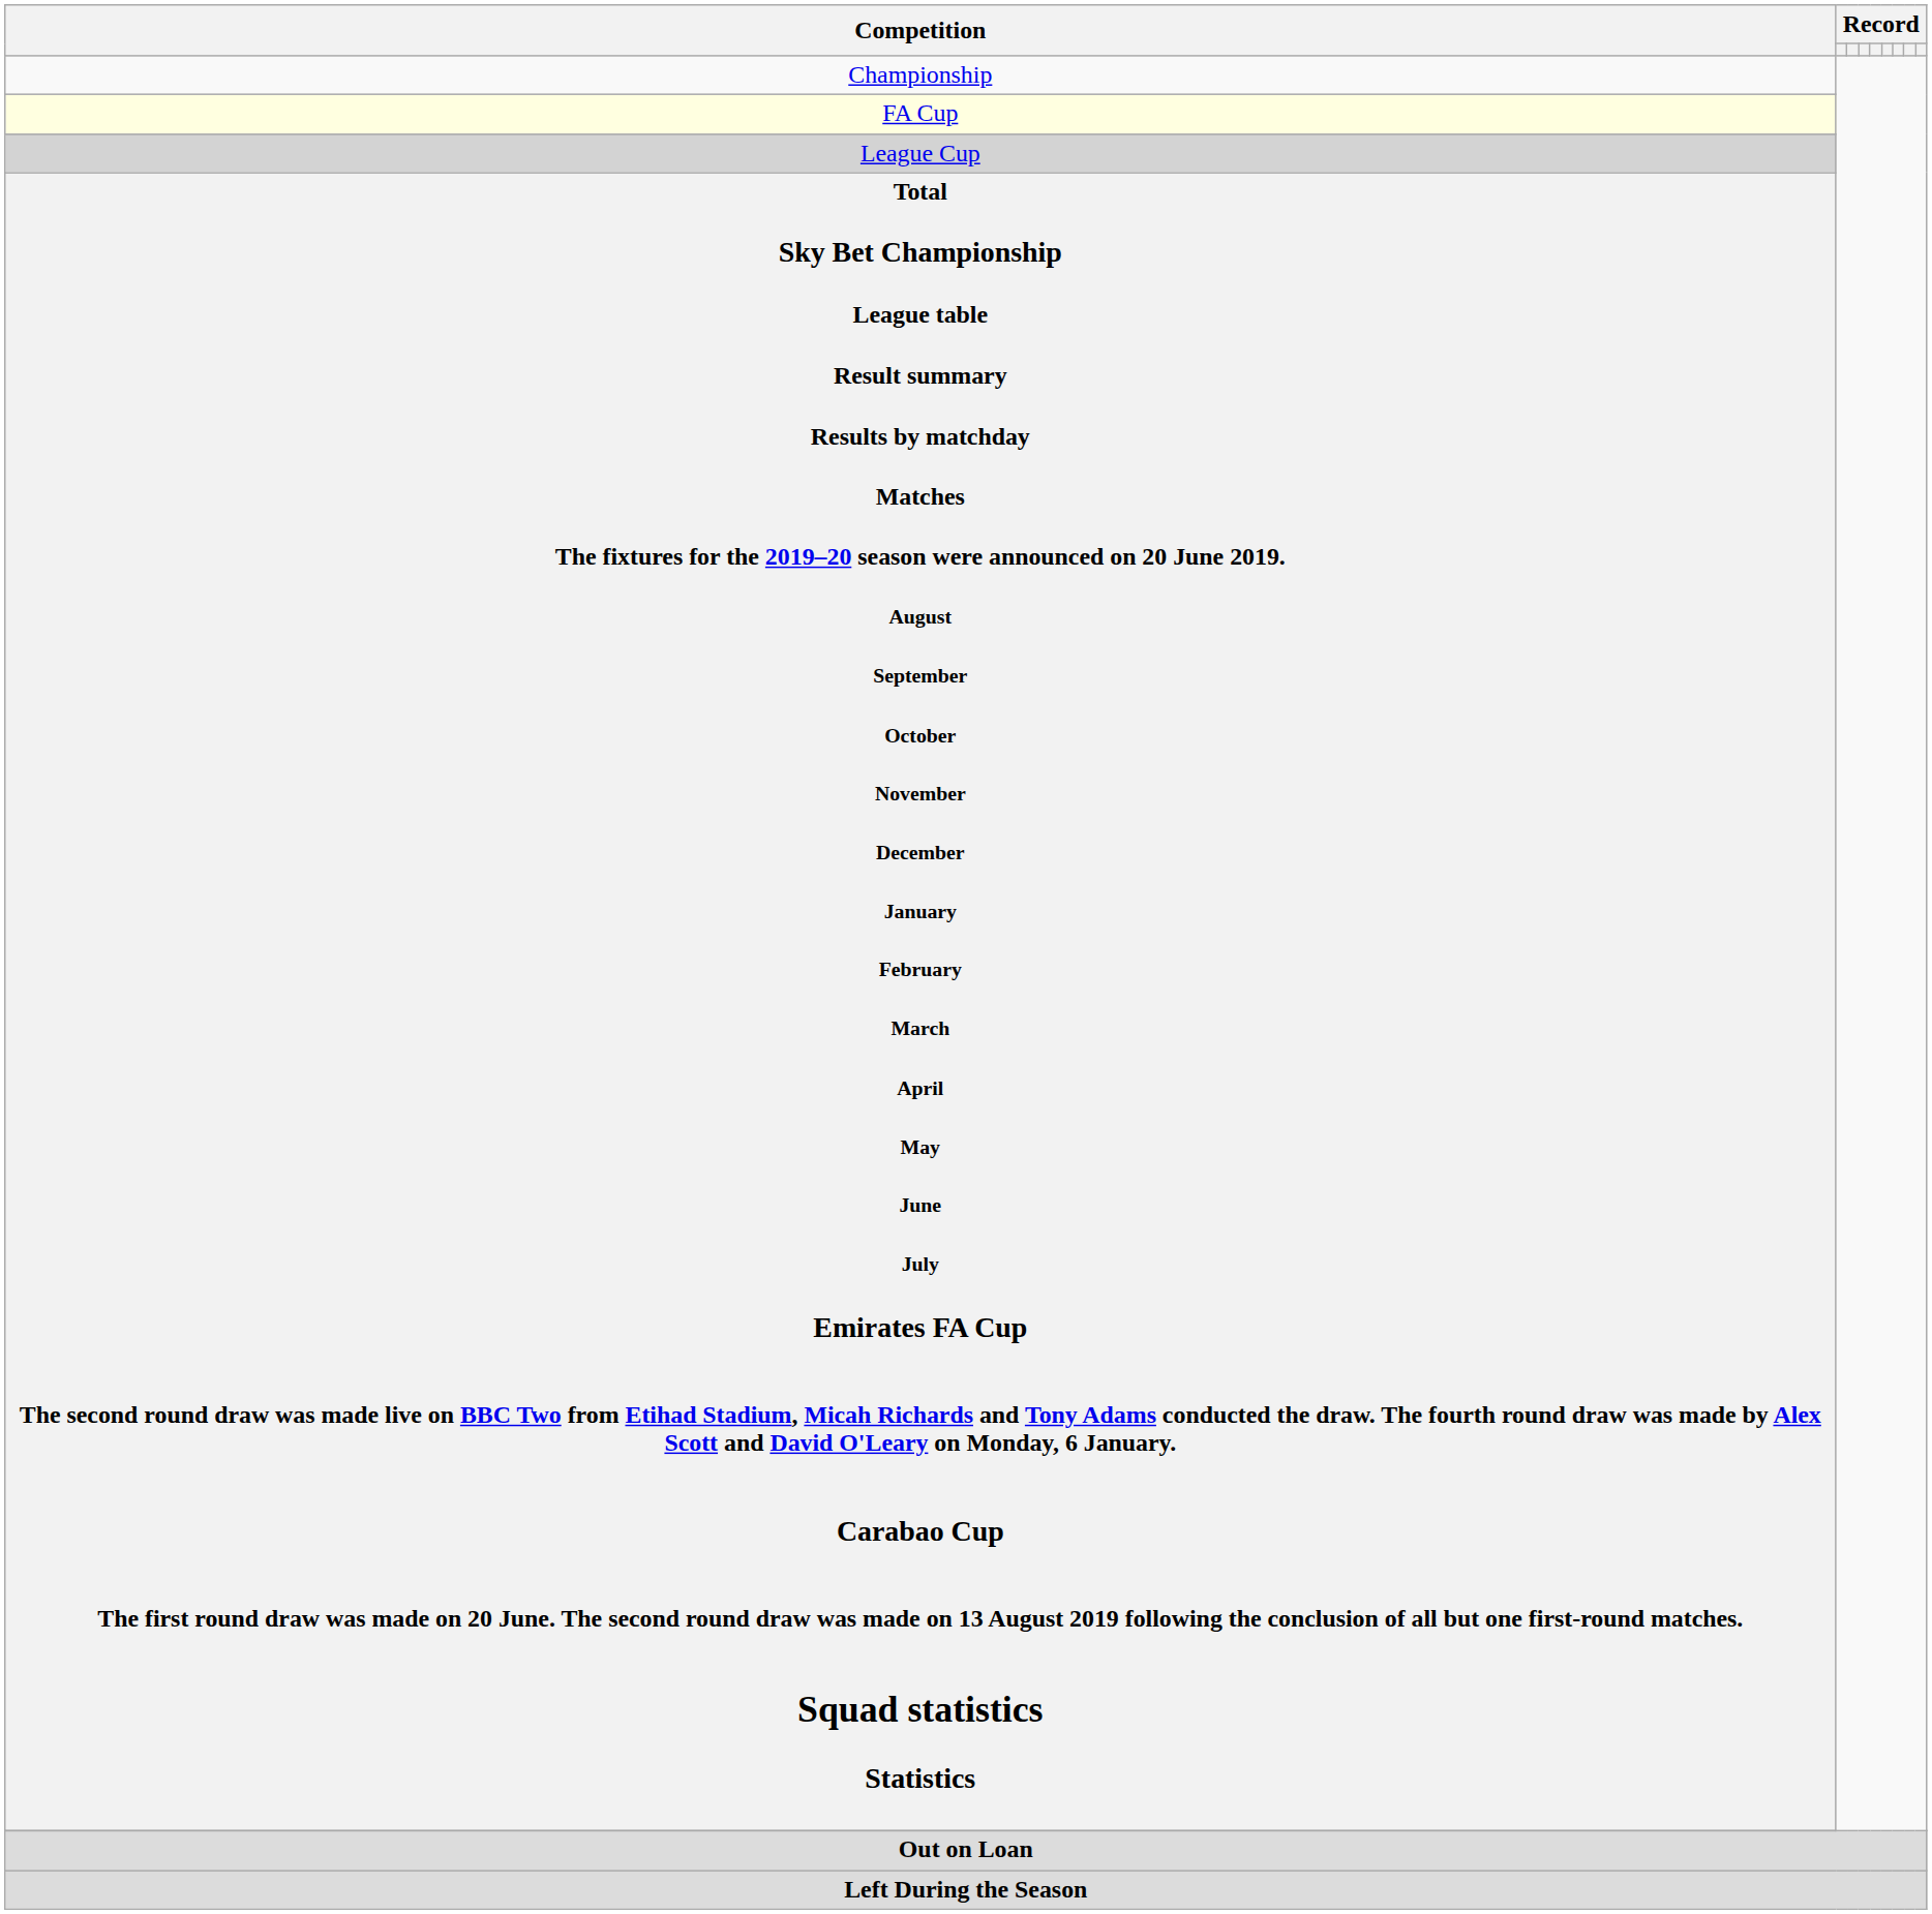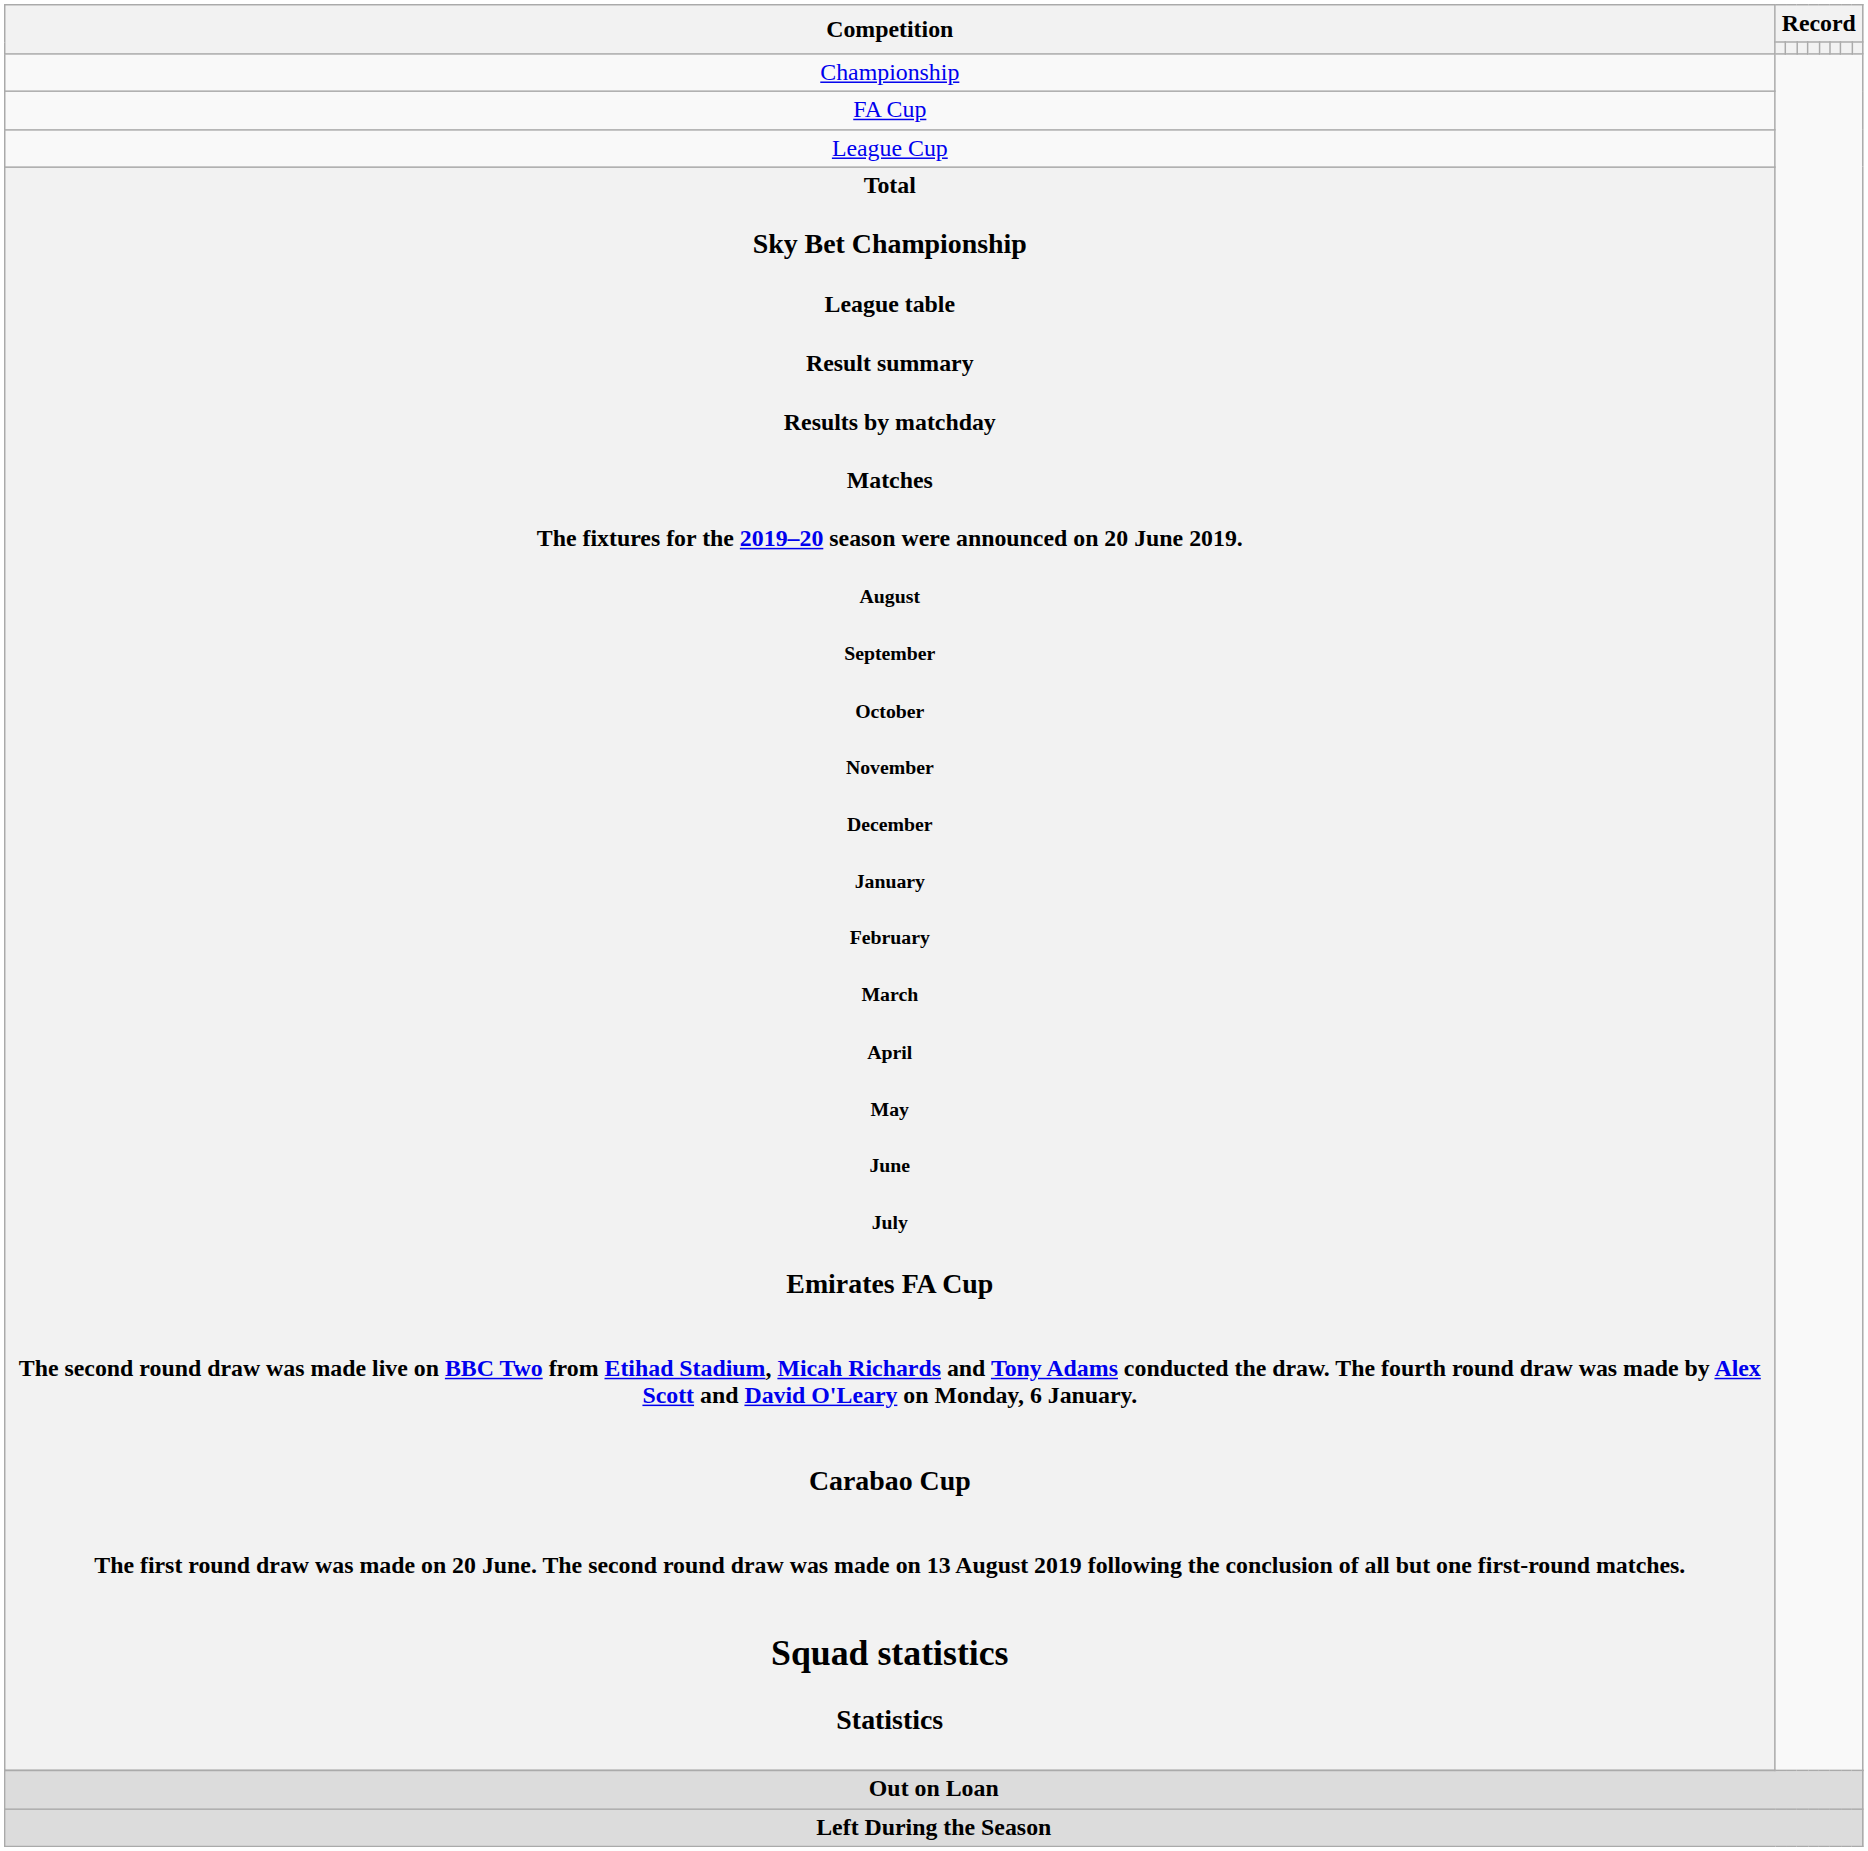 <table class="wikitable" style="text-align: center">
 <tr>
 <th rowspan=2>Competition</th>
 <th colspan=8>Record</th>
 </tr>
 <tr>
 <th></th>
 <th></th>
 <th></th>
 <th></th>
 <th></th>
 <th></th>
 <th></th>
 <th></th>
 </tr>
 <tr>
 <td><a href='#'>Championship</a><br></td>
 </tr>
 <tr>
-<td style="background: lightyellow;"><a href='#'>FA Cup</a><br></td>
+<td><a href='#'>FA Cup</a><br></td>
 </tr>
 <tr>
-<td style="background: lightgrey;"><a href='#'>League Cup</a><br></td>
+<td><a href='#'>League Cup</a><br></td>
 </tr>
 <tr>
 <th>Total<br> <h3>Sky Bet Championship</h3><h4>League table</h4><h4>Result summary</h4> <h4>Results by matchday</h4><h4>Matches</h4>The fixtures for the <a href='#'>2019–20</a> season were announced on 20 June 2019.<br>   <h5>August</h5>     <h5>September</h5>  <h5>October</h5>    <h5>November</h5>    <h5>December</h5>     <h5>January</h5>    <h5>February</h5>      <h5>March</h5>   <h5>April</h5>    <h5>May</h5><h5>June</h5>  <h5>July</h5>     <h3>Emirates FA Cup</h3><br>The second round draw was made live on <a href='#'>BBC Two</a> from <a href='#'>Etihad Stadium</a>, <a href='#'>Micah Richards</a> and <a href='#'>Tony Adams</a> conducted the draw. The fourth round draw was made by <a href='#'>Alex Scott</a> and <a href='#'>David O'Leary</a> on Monday, 6 January.<br>  <br> <h3>Carabao Cup</h3><br>The first round draw was made on 20 June. The second round draw was made on 13 August 2019 following the conclusion of all but one first-round matches.<br>  <br> <h2>Squad statistics</h2><h3>Statistics</h3> </th>
 </tr>
 <tr>
 </tr>
 <tr>
 <th colspan="14" style="background:#dcdcdc; text-align:center">Out on Loan<br>     </th>
 </tr>
 <tr>
 <th colspan="14" style="background:#dcdcdc; text-align:center">Left During the Season<br>     </th>
 </tr>
 </table>
